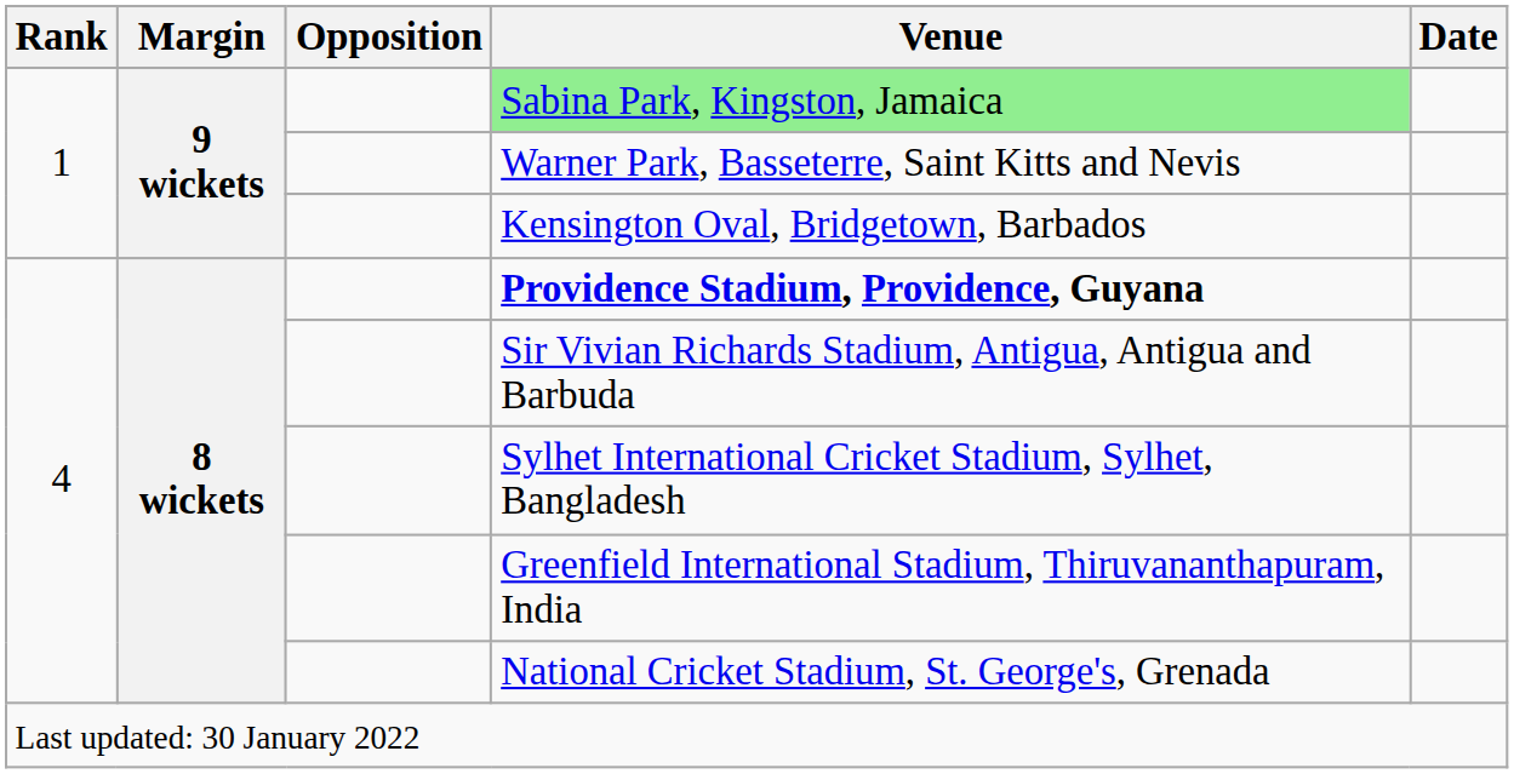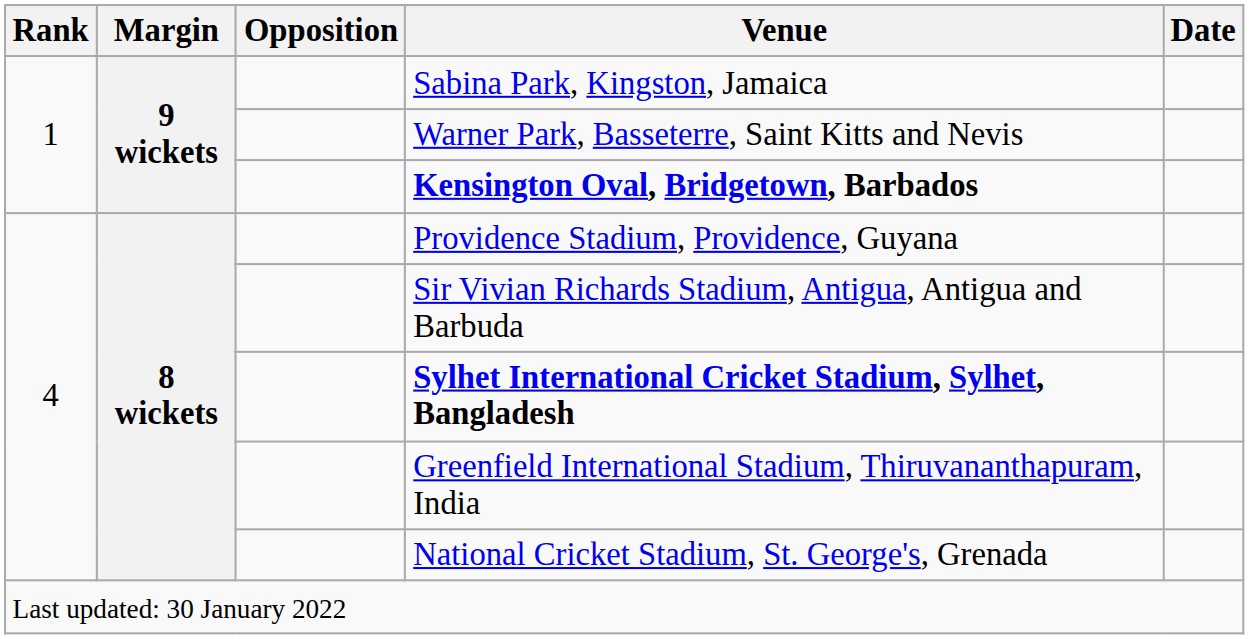 <table class="wikitable plainrowheaders sortable">
 <tr>
 <th scope=col>Rank</th>
 <th scope=col>Margin</th>
 <th scope=col>Opposition</th>
 <th scope=col>Venue</th>
 <th scope=col>Date</th>
 </tr>
 <tr>
 <td align=center rowspan=3>1</td>
 <th scope=row style=text-align:center rowspan=3>9 wickets</th>
 <td></td>
-<td style="background: lightgreen;"><a href='#'>Sabina Park</a>, <a href='#'>Kingston</a>, Jamaica</td>
+<td><a href='#'>Sabina Park</a>, <a href='#'>Kingston</a>, Jamaica</td>
 <td></td>
 </tr>
 <tr>
 <td></td>
 <td><a href='#'>Warner Park</a>, <a href='#'>Basseterre</a>, Saint Kitts and Nevis</td>
 <td></td>
 </tr>
 <tr>
 <td></td>
-<td><a href='#'>Kensington Oval</a>, <a href='#'>Bridgetown</a>, Barbados</td>
+<td><strong><a href='#'>Kensington Oval</a>, <a href='#'>Bridgetown</a>, Barbados</strong></td>
 <td></td>
 </tr>
 <tr>
 <td align=center rowspan=5>4</td>
 <th scope=row style=text-align:center rowspan=5>8 wickets</th>
 <td></td>
-<td><strong><a href='#'>Providence Stadium</a>, <a href='#'>Providence</a>, Guyana</strong></td>
+<td><a href='#'>Providence Stadium</a>, <a href='#'>Providence</a>, Guyana</td>
 <td> </td>
 </tr>
 <tr>
 <td></td>
 <td><a href='#'>Sir Vivian Richards Stadium</a>, <a href='#'>Antigua</a>, Antigua and Barbuda</td>
 <td></td>
 </tr>
 <tr>
 <td></td>
-<td><a href='#'>Sylhet International Cricket Stadium</a>, <a href='#'>Sylhet</a>, Bangladesh</td>
+<td><strong><a href='#'>Sylhet International Cricket Stadium</a>, <a href='#'>Sylhet</a>, Bangladesh</strong></td>
 <td></td>
 </tr>
 <tr>
 <td></td>
 <td><a href='#'>Greenfield International Stadium</a>, <a href='#'>Thiruvananthapuram</a>, India</td>
 <td></td>
 </tr>
 <tr>
 <td></td>
 <td><a href='#'>National Cricket Stadium</a>, <a href='#'>St. George's</a>, Grenada</td>
 <td></td>
 </tr>
 <tr class=sortbottom>
 <td colspan=5><small>Last updated: 30 January 2022</small></td>
 </tr>
 </table>
